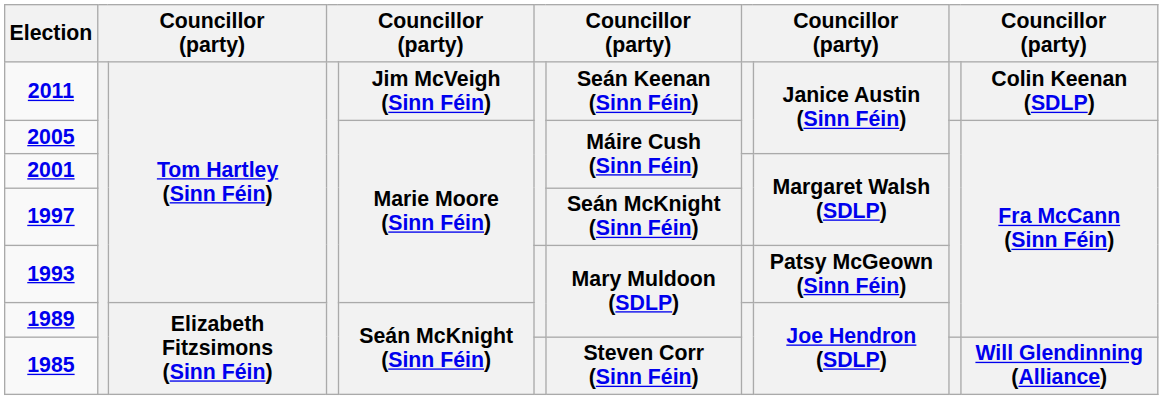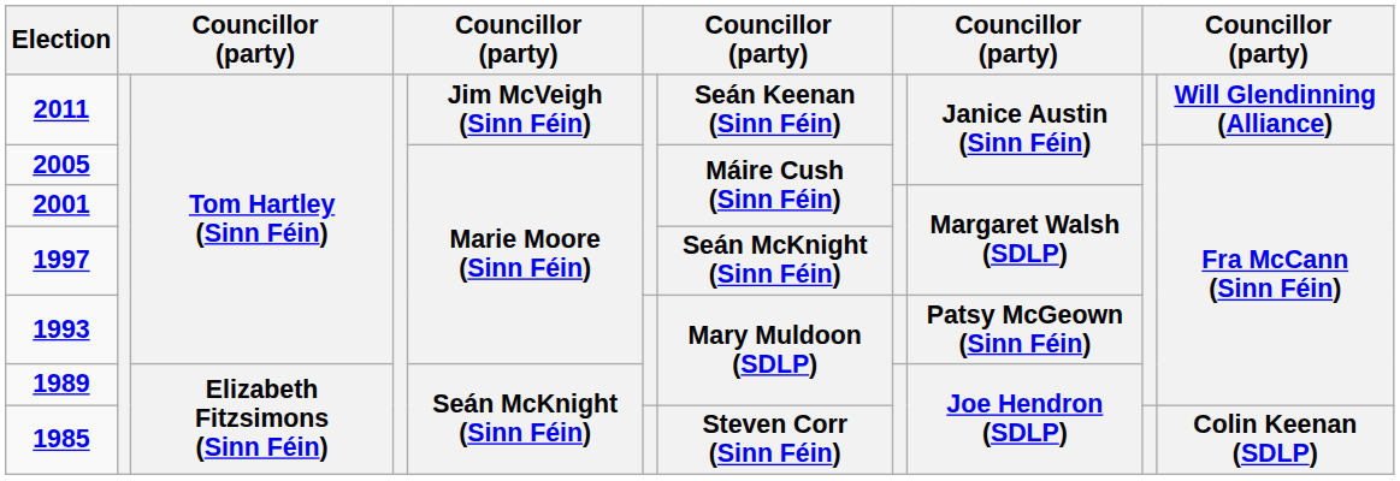 <table class="wikitable" style="text-align:center">
 <tr>
 <th scope="col" width="50">Election</th>
 <th scope="col" width="150" colspan = "2">Councillor<br> (party)</th>
 <th scope="col" width="150" colspan = "2">Councillor<br> (party)</th>
 <th scope="col" width="150" colspan = "2">Councillor<br> (party)</th>
 <th scope="col" width="150" colspan = "2">Councillor<br> (party)</th>
 <th scope="col" width="150" colspan = "2">Councillor<br> (party)</th>
 </tr>
 <tr>
 <td><strong><a href='#'>2011</a></strong></td>
 <th rowspan="7" width="1" style="background-color: "></th>
 <th rowspan = "5"><a href='#'>Tom Hartley</a> <br>  (<a href='#'>Sinn Féin</a>)</th>
 <th rowspan="7" width="1" style="background-color: "></th>
 <th rowspan = "1">Jim McVeigh <br>  (<a href='#'>Sinn Féin</a>)</th>
 <th rowspan="4" width="1" style="background-color: "></th>
 <th rowspan = "1">Seán Keenan <br>  (<a href='#'>Sinn Féin</a>)</th>
 <th rowspan="2" width="1" style="background-color: "></th>
 <th rowspan = "2">Janice Austin <br>  (<a href='#'>Sinn Féin</a>)</th>
 <th rowspan="1" width="1" style="background-color: "></th>
-<th rowspan = "1">Colin Keenan <br> (<a href='#'>SDLP</a>)</th>
+<th rowspan = "1"><a href='#'>Will Glendinning</a> <br> (<a href='#'>Alliance</a>)</th>
 </tr>
 <tr>
 <td><strong><a href='#'>2005</a></strong></td>
 <th rowspan = "4">Marie Moore <br>  (<a href='#'>Sinn Féin</a>)</th>
 <th rowspan = "2">Máire Cush <br>  (<a href='#'>Sinn Féin</a>)</th>
 <th rowspan="5" width="1" style="background-color: "></th>
 <th rowspan = "5"><a href='#'>Fra McCann</a> <br>  (<a href='#'>Sinn Féin</a>)</th>
 </tr>
 <tr>
 <td><strong><a href='#'>2001</a></strong></td>
 <th rowspan="2" width="1" style="background-color: "></th>
 <th rowspan = "2">Margaret Walsh <br> (<a href='#'>SDLP</a>)</th>
 </tr>
 <tr>
 <td><strong><a href='#'>1997</a></strong></td>
 <th rowspan = "1">Seán McKnight <br>  (<a href='#'>Sinn Féin</a>)</th>
 </tr>
 <tr>
 <td><strong><a href='#'>1993</a></strong></td>
 <th rowspan="2" width="1" style="background-color: "></th>
 <th rowspan = "2">Mary Muldoon <br> (<a href='#'>SDLP</a>)</th>
 <th rowspan="1" width="1" style="background-color: "></th>
 <th rowspan = "1">Patsy McGeown <br>  (<a href='#'>Sinn Féin</a>)</th>
 </tr>
 <tr>
 <td><strong><a href='#'>1989</a></strong></td>
 <th rowspan = "2">Elizabeth Fitzsimons <br>  (<a href='#'>Sinn Féin</a>)</th>
 <th rowspan = "2">Seán McKnight <br>  (<a href='#'>Sinn Féin</a>)</th>
 <th rowspan="2" width="1" style="background-color: "></th>
 <th rowspan = "2"><a href='#'>Joe Hendron</a> <br> (<a href='#'>SDLP</a>)</th>
 </tr>
 <tr>
 <td><strong><a href='#'>1985</a></strong></td>
 <th rowspan="1" width="1" style="background-color: "></th>
 <th rowspan = "1">Steven Corr <br>  (<a href='#'>Sinn Féin</a>)</th>
 <th rowspan="1" width="1" style="background-color: "></th>
-<th rowspan = "1"><a href='#'>Will Glendinning</a> <br> (<a href='#'>Alliance</a>)</th>
+<th rowspan = "1">Colin Keenan <br> (<a href='#'>SDLP</a>)</th>
 </tr>
 </table>
